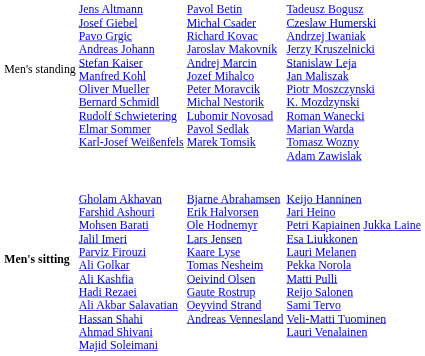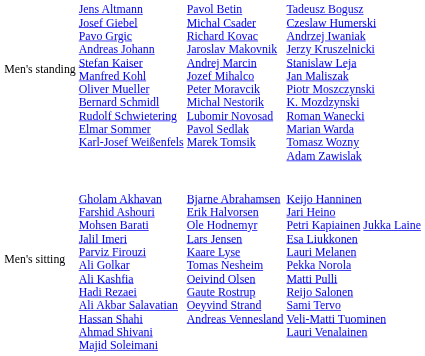 <table>
 <tr>
 <td>Men's standing</td>
 <td valign=top><br><br><a href='#'>Jens Altmann</a><br> <a href='#'>Josef Giebel</a><br> <a href='#'>Pavo Grgic</a><br> <a href='#'>Andreas Johann</a><br> <a href='#'>Stefan Kaiser</a><br> <a href='#'>Manfred Kohl</a><br> <a href='#'>Oliver Mueller</a><br> <a href='#'>Bernard Schmidl</a><br> <a href='#'>Rudolf Schwietering</a><br> <a href='#'>Elmar Sommer</a><br> <a href='#'>Karl-Josef Weißenfels</a></td>
 <td valign=top><br><br><a href='#'>Pavol Betin</a><br> <a href='#'>Michal Csader</a><br> <a href='#'>Richard Kovac</a><br> <a href='#'>Jaroslav Makovnik</a><br> <a href='#'>Andrej Marcin</a><br> <a href='#'>Jozef Mihalco</a><br> <a href='#'>Peter Moravcik</a><br> <a href='#'>Michal Nestorik</a><br> <a href='#'>Lubomir Novosad</a><br> <a href='#'>Pavol Sedlak</a><br> <a href='#'>Marek Tomsik</a></td>
 <td valign=top><br><br><a href='#'>Tadeusz Bogusz</a><br> <a href='#'>Czeslaw Humerski</a><br> <a href='#'>Andrzej Iwaniak</a><br> <a href='#'>Jerzy Kruszelnicki</a><br> <a href='#'>Stanislaw Leja</a><br> <a href='#'>Jan Maliszak</a><br> <a href='#'>Piotr Moszczynski</a><br> <a href='#'>K. Mozdzynski</a><br> <a href='#'>Roman Wanecki</a><br> <a href='#'>Marian Warda</a><br> <a href='#'>Tomasz Wozny</a><br> <a href='#'>Adam Zawislak</a></td>
 </tr>
 <tr>
-<td><strong>Men's sitting</strong></td>
+<td>Men's sitting</td>
 <td valign=top><br><br><a href='#'>Gholam Akhavan</a><br> <a href='#'>Farshid Ashouri</a><br> <a href='#'>Mohsen Barati</a><br> <a href='#'>Jalil Imeri</a><br> <a href='#'>Parviz Firouzi</a><br> <a href='#'>Ali Golkar</a><br> <a href='#'>Ali Kashfia</a><br> <a href='#'>Hadi Rezaei</a><br> <a href='#'>Ali Akbar Salavatian</a><br> <a href='#'>Hassan Shahi</a><br> <a href='#'>Ahmad Shivani</a><br> <a href='#'>Majid Soleimani</a></td>
 <td valign=top><br><br><a href='#'>Bjarne Abrahamsen</a><br> <a href='#'>Erik Halvorsen</a><br> <a href='#'>Ole Hodnemyr</a><br> <a href='#'>Lars Jensen</a><br> <a href='#'>Kaare Lyse</a><br> <a href='#'>Tomas Nesheim</a><br> <a href='#'>Oeivind Olsen</a><br> <a href='#'>Gaute Rostrup</a><br> <a href='#'>Oeyvind Strand</a><br> <a href='#'>Andreas Vennesland</a></td>
 <td valign=top><br><br><a href='#'>Keijo Hanninen</a><br> <a href='#'>Jari Heino</a><br> <a href='#'>Petri Kapiainen</a> <a href='#'>Jukka Laine</a><br> <a href='#'>Esa Liukkonen</a><br> <a href='#'>Lauri Melanen</a><br> <a href='#'>Pekka Norola</a><br> <a href='#'>Matti Pulli</a><br> <a href='#'>Reijo Salonen</a><br> <a href='#'>Sami Tervo</a><br> <a href='#'>Veli-Matti Tuominen</a><br> <a href='#'>Lauri Venalainen</a></td>
 </tr>
 </table>
